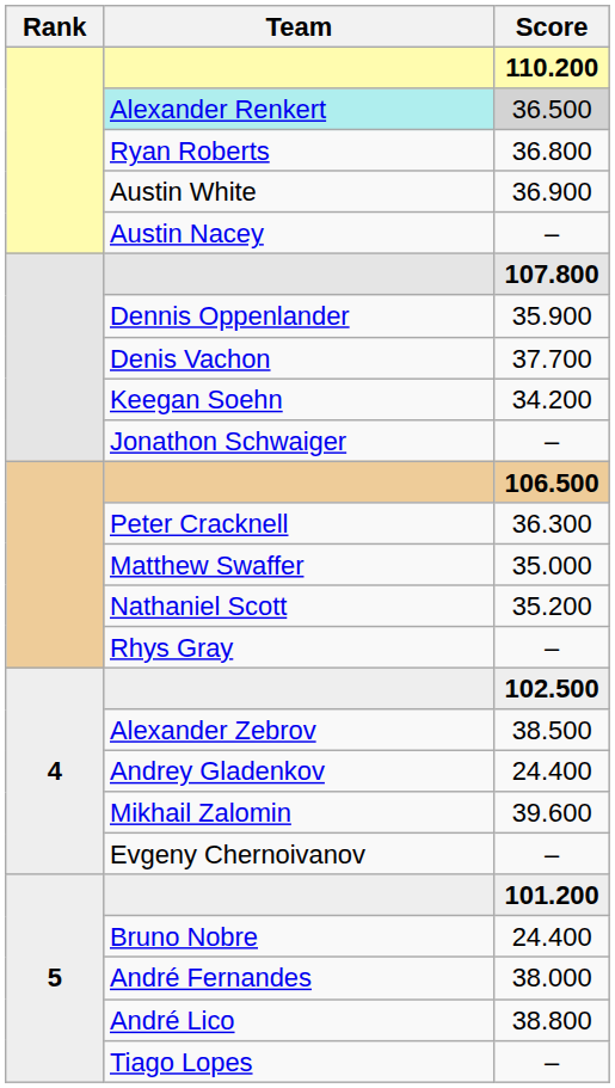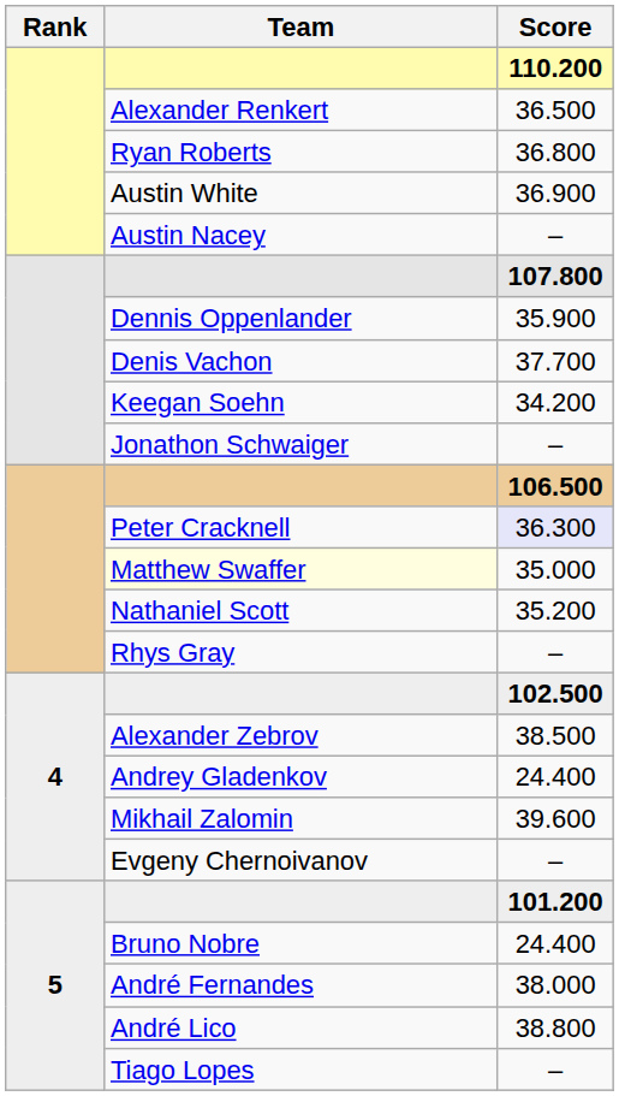 <table class="wikitable" style="text-align:center; font-size:95%">
 <tr>
 <th style="width:50px;">Rank</th>
 <th style="width:220px;">Team</th>
 <th style="width:60px;">Score</th>
 </tr>
 <tr style="background:#fffcaf;">
 <td rowspan=5></td>
 <td style="text-align:left;"><strong></strong></td>
 <td><strong>110.200</strong></td>
 </tr>
 <tr>
-<td style="background: paleturquoise; text-align:left;"><a href='#'>Alexander Renkert</a></td>
-<td style="background: lightgrey;">36.500</td>
+<td style="text-align:left;"><a href='#'>Alexander Renkert</a></td>
+<td>36.500</td>
 </tr>
 <tr>
 <td style="text-align:left;"><a href='#'>Ryan Roberts</a></td>
 <td>36.800</td>
 </tr>
 <tr>
 <td style="text-align:left;">Austin White</td>
 <td>36.900</td>
 </tr>
 <tr>
 <td style="text-align:left;"><a href='#'>Austin Nacey</a></td>
 <td>–</td>
 </tr>
 <tr style="background:#e5e5e5;">
 <td rowspan=5></td>
 <td style="text-align:left;"><strong></strong></td>
 <td><strong>107.800</strong></td>
 </tr>
 <tr>
 <td style="text-align:left;"><a href='#'>Dennis Oppenlander</a></td>
 <td>35.900</td>
 </tr>
 <tr>
 <td style="text-align:left;"><a href='#'>Denis Vachon</a></td>
 <td>37.700</td>
 </tr>
 <tr>
 <td style="text-align:left;"><a href='#'>Keegan Soehn</a></td>
 <td>34.200</td>
 </tr>
 <tr>
 <td style="text-align:left;"><a href='#'>Jonathon Schwaiger</a></td>
 <td>–</td>
 </tr>
 <tr style="background:#ec9;">
 <td rowspan=5></td>
 <td style="text-align:left;"><strong></strong></td>
 <td><strong>106.500</strong></td>
 </tr>
 <tr>
 <td style="text-align:left;"><a href='#'>Peter Cracknell</a></td>
-<td>36.300</td>
+<td style="background: lavender;">36.300</td>
 </tr>
 <tr>
-<td style="text-align:left;"><a href='#'>Matthew Swaffer</a></td>
+<td style="background: lightyellow; text-align:left;"><a href='#'>Matthew Swaffer</a></td>
 <td>35.000</td>
 </tr>
 <tr>
 <td style="text-align:left;"><a href='#'>Nathaniel Scott</a></td>
 <td>35.200</td>
 </tr>
 <tr>
 <td style="text-align:left;"><a href='#'>Rhys Gray</a></td>
 <td>–</td>
 </tr>
 <tr style="background:#eee;">
 <td rowspan=5><strong>4</strong></td>
 <td style="text-align:left;"><strong></strong></td>
 <td><strong>102.500</strong></td>
 </tr>
 <tr>
 <td style="text-align:left;"><a href='#'>Alexander Zebrov</a></td>
 <td>38.500</td>
 </tr>
 <tr>
 <td style="text-align:left;"><a href='#'>Andrey Gladenkov</a></td>
 <td>24.400</td>
 </tr>
 <tr>
 <td style="text-align:left;"><a href='#'>Mikhail Zalomin</a></td>
 <td>39.600</td>
 </tr>
 <tr>
 <td style="text-align:left;">Evgeny Chernoivanov</td>
 <td>–</td>
 </tr>
 <tr style="background:#eee;">
 <td rowspan=5><strong>5</strong></td>
 <td style="text-align:left;"><strong></strong></td>
 <td><strong>101.200</strong></td>
 </tr>
 <tr>
 <td style="text-align:left;"><a href='#'>Bruno Nobre</a></td>
 <td>24.400</td>
 </tr>
 <tr>
 <td style="text-align:left;"><a href='#'>André Fernandes</a></td>
 <td>38.000</td>
 </tr>
 <tr>
 <td style="text-align:left;"><a href='#'>André Lico</a></td>
 <td>38.800</td>
 </tr>
 <tr>
 <td style="text-align:left;"><a href='#'>Tiago Lopes</a></td>
 <td>–</td>
 </tr>
 </table>
